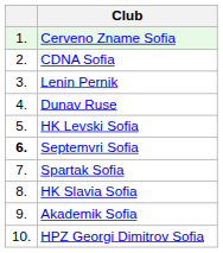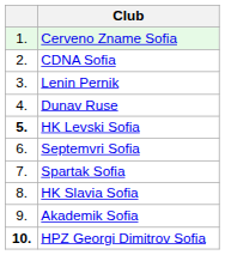 <table class="wikitable">
 <tr>
 <th width="30"></th>
 <th width="200">Club</th>
 </tr>
 <tr bgcolor="#e6fae6" align="center">
 <td>1.</td>
 <td align="left"><a href='#'>Cerveno Zname Sofia</a></td>
 </tr>
 <tr bgcolor="#FFFFFF" align="center">
 <td>2.</td>
 <td align="left"><a href='#'>CDNA Sofia</a></td>
 </tr>
 <tr bgcolor="#FFFFFF" align="center">
 <td>3.</td>
 <td align="left"><a href='#'>Lenin Pernik</a></td>
 </tr>
 <tr bgcolor="#FFFFFF" align="center">
 <td>4.</td>
 <td align="left"><a href='#'>Dunav Ruse</a></td>
 </tr>
 <tr bgcolor="#FFFFFF" align="center">
-<td>5.</td>
+<td><strong>5.</strong></td>
 <td align="left"><a href='#'>HK Levski Sofia</a></td>
 </tr>
 <tr bgcolor="#FFFFFF" align="center">
-<td><strong>6.</strong></td>
+<td>6.</td>
 <td align="left"><a href='#'>Septemvri Sofia</a></td>
 </tr>
 <tr bgcolor="#FFFFFF" align="center">
 <td>7.</td>
 <td align="left"><a href='#'>Spartak Sofia</a></td>
 </tr>
 <tr bgcolor="#FFFFFF" align="center">
 <td>8.</td>
 <td align="left"><a href='#'>HK Slavia Sofia</a></td>
 </tr>
 <tr bgcolor="#FFFFFF" align="center">
 <td>9.</td>
 <td align="left"><a href='#'>Akademik Sofia</a></td>
 </tr>
 <tr bgcolor="#FFFFFF" align="center">
-<td>10.</td>
+<td><strong>10.</strong></td>
 <td align="left"><a href='#'>HPZ Georgi Dimitrov Sofia</a></td>
 </tr>
 </table>
